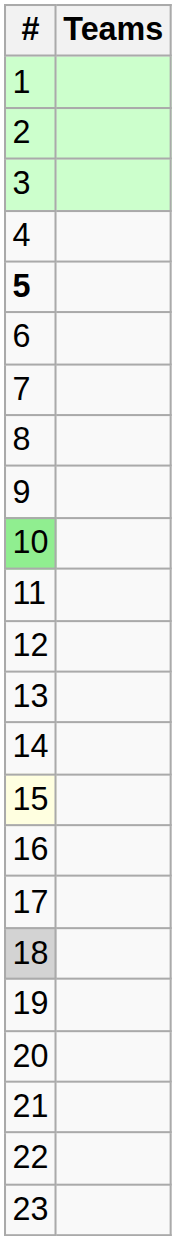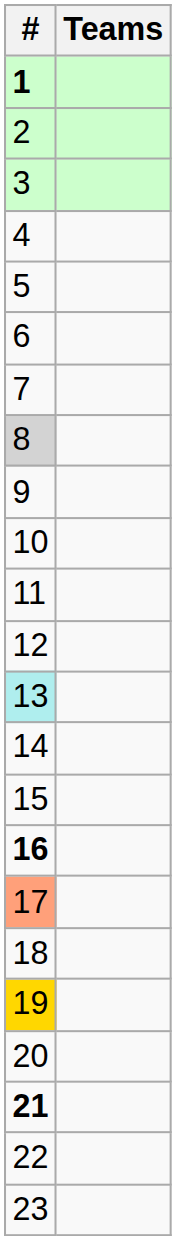 <table class="wikitable">
 <tr>
 <th>#</th>
 <th>Teams</th>
 </tr>
 <tr bgcolor=ccffcc>
-<td>1</td>
+<td><strong>1</strong></td>
 <td></td>
 </tr>
 <tr bgcolor=ccffcc>
 <td>2</td>
 <td></td>
 </tr>
 <tr bgcolor=ccffcc>
 <td>3</td>
 <td></td>
 </tr>
 <tr>
 <td>4</td>
 <td></td>
 </tr>
 <tr>
-<td><strong>5</strong></td>
+<td>5</td>
 <td></td>
 </tr>
 <tr>
 <td>6</td>
 <td></td>
 </tr>
 <tr>
 <td>7</td>
 <td></td>
 </tr>
 <tr>
-<td>8</td>
+<td style="background: lightgrey;">8</td>
 <td></td>
 </tr>
 <tr>
 <td>9</td>
 <td></td>
 </tr>
 <tr>
-<td style="background: lightgreen;">10</td>
+<td>10</td>
 <td></td>
 </tr>
 <tr>
 <td>11</td>
 <td></td>
 </tr>
 <tr>
 <td>12</td>
 <td></td>
 </tr>
 <tr>
-<td>13</td>
+<td style="background: paleturquoise;">13</td>
 <td></td>
 </tr>
 <tr>
 <td>14</td>
 <td></td>
 </tr>
 <tr>
-<td style="background: lightyellow;">15</td>
+<td>15</td>
 <td></td>
 </tr>
 <tr>
-<td>16</td>
+<td><strong>16</strong></td>
 <td></td>
 </tr>
 <tr>
-<td>17</td>
+<td style="background: lightsalmon;">17</td>
 <td></td>
 </tr>
 <tr>
-<td style="background: lightgrey;">18</td>
+<td>18</td>
 <td></td>
 </tr>
 <tr>
-<td>19</td>
+<td style="background: gold;">19</td>
 <td></td>
 </tr>
 <tr>
 <td>20</td>
 <td></td>
 </tr>
 <tr>
-<td>21</td>
+<td><strong>21</strong></td>
 <td></td>
 </tr>
 <tr>
 <td>22</td>
 <td></td>
 </tr>
 <tr>
 <td>23</td>
 <td></td>
 </tr>
 </table>
